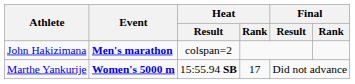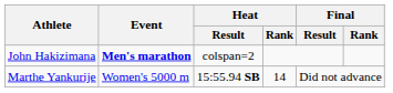 <table class="wikitable" style="font-size:90%">
 <tr>
 <th rowspan="2">Athlete</th>
 <th rowspan="2">Event</th>
 <th colspan="2">Heat</th>
 <th colspan="2">Final</th>
 </tr>
 <tr style="font-size:95%">
 <th>Result</th>
 <th>Rank</th>
 <th>Result</th>
 <th>Rank</th>
 </tr>
 <tr align=center>
 <td align=left><a href='#'>John Hakizimana</a></td>
 <td align=left><strong><a href='#'>Men's marathon</a></strong></td>
 <td>colspan=2 </td>
 <td colspan=2></td>
 </tr>
 <tr align=center>
 <td align=left><a href='#'>Marthe Yankurije</a></td>
-<td align=left><strong><a href='#'>Women's 5000 m</a></strong></td>
+<td align=left><a href='#'>Women's 5000 m</a></td>
 <td>15:55.94 <strong>SB</strong></td>
-<td>17</td>
+<td>14</td>
 <td colspan="2">Did not advance</td>
 </tr>
 </table>
